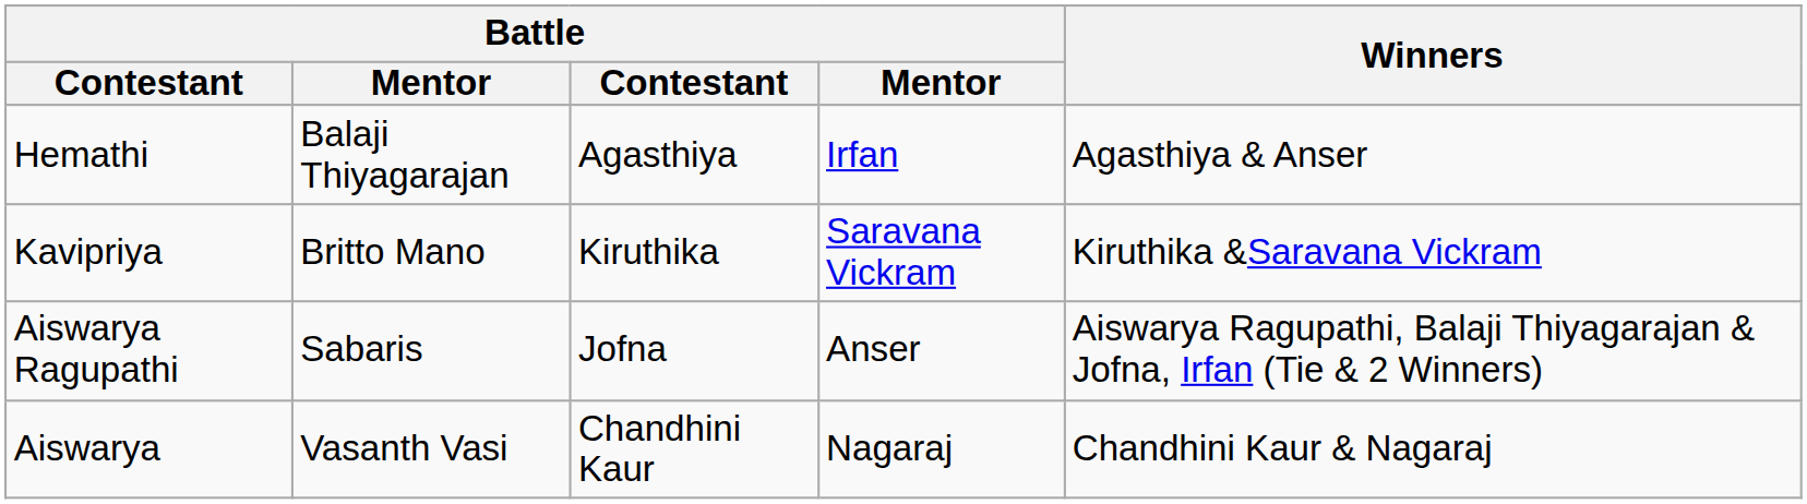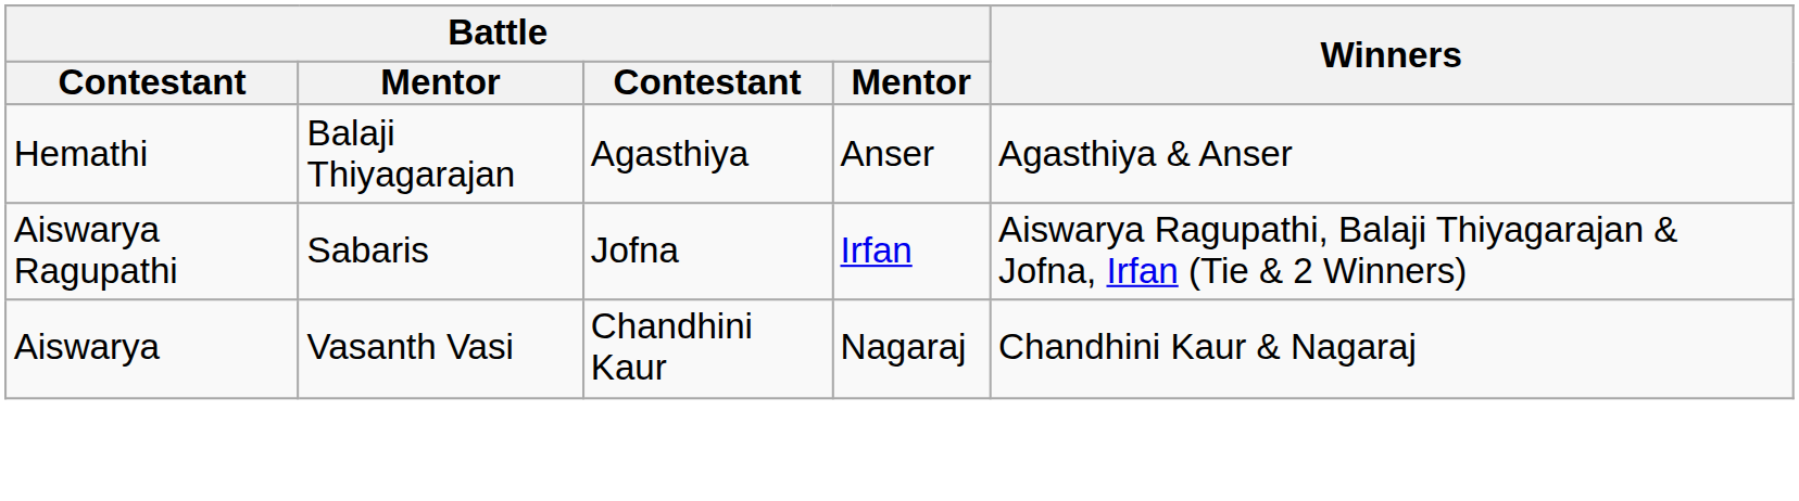 <table class="wikitable" style="align: center;" width="90%">
 <tr>
 <th colspan="4">Battle</th>
 <th rowspan="2">Winners</th>
 </tr>
 <tr>
 <th style="padding: 0 8px">Contestant</th>
 <th style="padding: 0 8px">Mentor</th>
 <th style="padding: 0 8px">Contestant</th>
 <th style="padding: 0 8px">Mentor</th>
 </tr>
 <tr>
 <td>Hemathi</td>
 <td>Balaji Thiyagarajan</td>
 <td>Agasthiya</td>
-<td><a href='#'>Irfan</a></td>
+<td>Anser</td>
 <td>Agasthiya & Anser</td>
-</tr>
-<tr>
-<td>Kavipriya</td>
-<td>Britto Mano</td>
-<td>Kiruthika</td>
-<td><a href='#'>Saravana Vickram</a></td>
-<td>Kiruthika &<a href='#'>Saravana Vickram</a></td>
 </tr>
 <tr>
 <td>Aiswarya Ragupathi</td>
 <td>Sabaris</td>
 <td>Jofna</td>
-<td>Anser</td>
+<td><a href='#'>Irfan</a></td>
 <td>Aiswarya Ragupathi, Balaji Thiyagarajan & Jofna, <a href='#'>Irfan</a> (Tie & 2 Winners)</td>
 </tr>
 <tr>
 <td>Aiswarya</td>
 <td>Vasanth Vasi</td>
 <td>Chandhini Kaur</td>
 <td>Nagaraj</td>
 <td>Chandhini Kaur & Nagaraj</td>
 </tr>
 </table>
